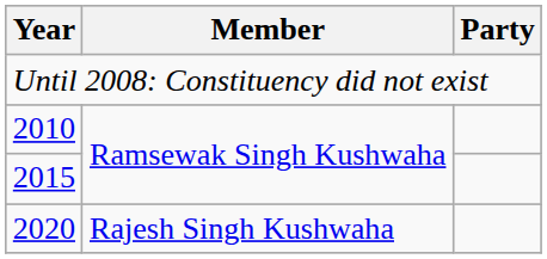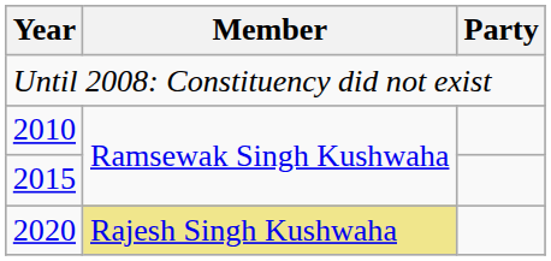 <table class="wikitable sortable">
 <tr>
 <th>Year</th>
 <th>Member</th>
 <th colspan="2">Party</th>
 </tr>
 <tr>
 <td colspan="4"><em>Until 2008: Constituency did not exist</em></td>
 </tr>
 <tr>
 <td><a href='#'>2010</a></td>
 <td rowspan="2"><a href='#'>Ramsewak Singh Kushwaha</a></td>
 <td></td>
 </tr>
 <tr>
 <td><a href='#'>2015</a></td>
 </tr>
 <tr>
 <td><a href='#'>2020</a></td>
-<td><a href='#'>Rajesh Singh Kushwaha</a></td>
+<td style="background: khaki;"><a href='#'>Rajesh Singh Kushwaha</a></td>
 <td></td>
 </tr>
 </table>
